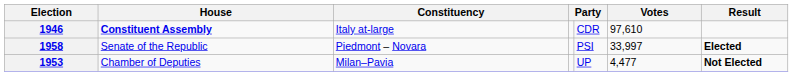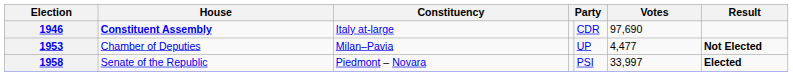 <table class=wikitable style="width:75%; border:1px #AAAAFF solid">
 <tr>
 <th width=12%>Election</th>
 <th width=30%>House</th>
 <th width=30%>Constituency</th>
 <th width=5% colspan="2">Party</th>
 <th width=12%>Votes</th>
 <th width=18%>Result</th>
 </tr>
 <tr>
 <th><a href='#'>1946</a></th>
 <td><strong><a href='#'>Constituent Assembly</a></strong></td>
 <td><a href='#'>Italy at-large</a></td>
 <td></td>
 <td><a href='#'>CDR</a></td>
-<td>97,610</td>
+<td>97,690</td>
 <td></td>
+</tr>
+<tr>
+<th><a href='#'>1953</a></th>
+<td><a href='#'>Chamber of Deputies</a></td>
+<td><a href='#'>Milan–Pavia</a></td>
+<td></td>
+<td><a href='#'>UP</a></td>
+<td>4,477</td>
+<td> <strong>Not Elected</strong></td>
 </tr>
 <tr>
 <th><a href='#'>1958</a></th>
 <td><a href='#'>Senate of the Republic</a></td>
 <td><a href='#'>Piedmont</a> – <a href='#'>Novara</a></td>
 <td></td>
 <td><a href='#'>PSI</a></td>
 <td>33,997</td>
 <td> <strong>Elected</strong></td>
 </tr>
 <tr>
-<th><a href='#'>1953</a></th>
-<td><a href='#'>Chamber of Deputies</a></td>
-<td><a href='#'>Milan–Pavia</a></td>
-<td></td>
-<td><a href='#'>UP</a></td>
-<td>4,477</td>
-<td> <strong>Not Elected</strong></td>
-</tr>
-<tr>
 </tr>
 </table>
